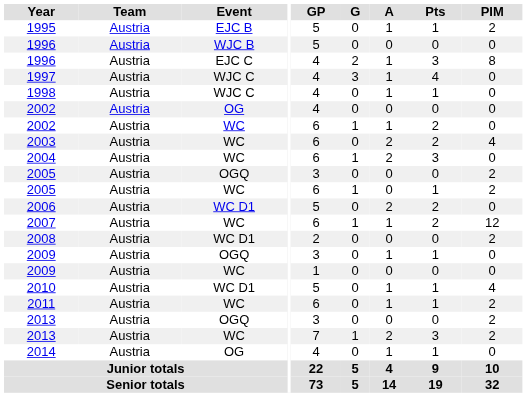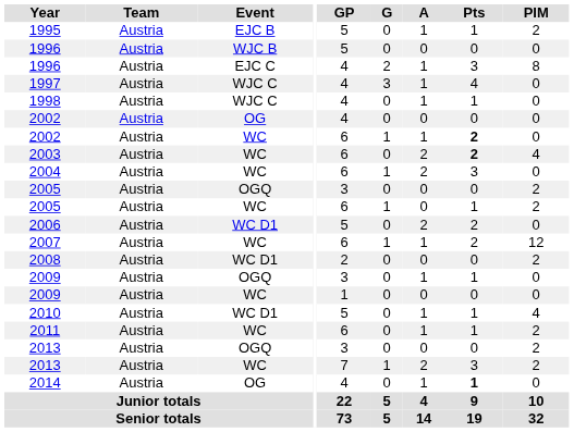 <table border="0" cellpadding="1" cellspacing="0" ID="Table3" style="text-align:center; width:40em">
 <tr ALIGN="center" bgcolor="#e0e0e0">
 <th>Year</th>
 <th>Team</th>
 <th>Event</th>
 <th rowspan="102" bgcolor="#ffffff"></th>
 <th>GP</th>
 <th>G</th>
 <th>A</th>
 <th>Pts</th>
 <th>PIM</th>
 </tr>
 <tr>
 <td><a href='#'>1995</a></td>
 <td><a href='#'>Austria</a></td>
 <td><a href='#'>EJC B</a></td>
 <td>5</td>
 <td>0</td>
 <td>1</td>
 <td>1</td>
 <td>2</td>
 </tr>
 <tr bgcolor="#f0f0f0">
 <td><a href='#'>1996</a></td>
 <td><a href='#'>Austria</a></td>
 <td><a href='#'>WJC B</a></td>
 <td>5</td>
 <td>0</td>
 <td>0</td>
 <td>0</td>
 <td>0</td>
 </tr>
 <tr>
 <td><a href='#'>1996</a></td>
 <td>Austria</td>
 <td>EJC C</td>
 <td>4</td>
 <td>2</td>
 <td>1</td>
 <td>3</td>
 <td>8</td>
 </tr>
 <tr bgcolor="#f0f0f0">
 <td><a href='#'>1997</a></td>
 <td>Austria</td>
 <td>WJC C</td>
 <td>4</td>
 <td>3</td>
 <td>1</td>
 <td>4</td>
 <td>0</td>
 </tr>
 <tr>
 <td><a href='#'>1998</a></td>
 <td>Austria</td>
 <td>WJC C</td>
 <td>4</td>
 <td>0</td>
 <td>1</td>
 <td>1</td>
 <td>0</td>
 </tr>
 <tr bgcolor="#f0f0f0">
 <td><a href='#'>2002</a></td>
 <td><a href='#'>Austria</a></td>
 <td><a href='#'>OG</a></td>
 <td>4</td>
 <td>0</td>
 <td>0</td>
 <td>0</td>
 <td>0</td>
 </tr>
 <tr>
 <td><a href='#'>2002</a></td>
 <td>Austria</td>
 <td><a href='#'>WC</a></td>
 <td>6</td>
 <td>1</td>
 <td>1</td>
-<td>2</td>
+<td><strong>2</strong></td>
 <td>0</td>
 </tr>
 <tr bgcolor="#f0f0f0">
 <td><a href='#'>2003</a></td>
 <td>Austria</td>
 <td>WC</td>
 <td>6</td>
 <td>0</td>
 <td>2</td>
-<td>2</td>
+<td><strong>2</strong></td>
 <td>4</td>
 </tr>
 <tr>
 <td><a href='#'>2004</a></td>
 <td>Austria</td>
 <td>WC</td>
 <td>6</td>
 <td>1</td>
 <td>2</td>
 <td>3</td>
 <td>0</td>
 </tr>
 <tr bgcolor="#f0f0f0">
 <td><a href='#'>2005</a></td>
 <td>Austria</td>
 <td>OGQ</td>
 <td>3</td>
 <td>0</td>
 <td>0</td>
 <td>0</td>
 <td>2</td>
 </tr>
 <tr>
 <td><a href='#'>2005</a></td>
 <td>Austria</td>
 <td>WC</td>
 <td>6</td>
 <td>1</td>
 <td>0</td>
 <td>1</td>
 <td>2</td>
 </tr>
 <tr bgcolor="#f0f0f0">
 <td><a href='#'>2006</a></td>
 <td>Austria</td>
 <td><a href='#'>WC D1</a></td>
 <td>5</td>
 <td>0</td>
 <td>2</td>
 <td>2</td>
 <td>0</td>
 </tr>
 <tr>
 <td><a href='#'>2007</a></td>
 <td>Austria</td>
 <td>WC</td>
 <td>6</td>
 <td>1</td>
 <td>1</td>
 <td>2</td>
 <td>12</td>
 </tr>
 <tr bgcolor="#f0f0f0">
 <td><a href='#'>2008</a></td>
 <td>Austria</td>
 <td>WC D1</td>
 <td>2</td>
 <td>0</td>
 <td>0</td>
 <td>0</td>
 <td>2</td>
 </tr>
 <tr>
 <td><a href='#'>2009</a></td>
 <td>Austria</td>
 <td>OGQ</td>
 <td>3</td>
 <td>0</td>
 <td>1</td>
 <td>1</td>
 <td>0</td>
 </tr>
 <tr bgcolor="#f0f0f0">
 <td><a href='#'>2009</a></td>
 <td>Austria</td>
 <td>WC</td>
 <td>1</td>
 <td>0</td>
 <td>0</td>
 <td>0</td>
 <td>0</td>
 </tr>
 <tr>
 <td><a href='#'>2010</a></td>
 <td>Austria</td>
 <td>WC D1</td>
 <td>5</td>
 <td>0</td>
 <td>1</td>
 <td>1</td>
 <td>4</td>
 </tr>
 <tr bgcolor="#f0f0f0">
 <td><a href='#'>2011</a></td>
 <td>Austria</td>
 <td>WC</td>
 <td>6</td>
 <td>0</td>
 <td>1</td>
 <td>1</td>
 <td>2</td>
 </tr>
 <tr>
 <td><a href='#'>2013</a></td>
 <td>Austria</td>
 <td>OGQ</td>
 <td>3</td>
 <td>0</td>
 <td>0</td>
 <td>0</td>
 <td>2</td>
 </tr>
 <tr bgcolor="#f0f0f0">
 <td><a href='#'>2013</a></td>
 <td>Austria</td>
 <td>WC</td>
 <td>7</td>
 <td>1</td>
 <td>2</td>
 <td>3</td>
 <td>2</td>
 </tr>
 <tr>
 <td><a href='#'>2014</a></td>
 <td>Austria</td>
 <td>OG</td>
 <td>4</td>
 <td>0</td>
 <td>1</td>
-<td>1</td>
+<td><strong>1</strong></td>
 <td>0</td>
 </tr>
 <tr bgcolor="#e0e0e0">
 <th colspan=3>Junior totals</th>
 <th>22</th>
 <th>5</th>
 <th>4</th>
 <th>9</th>
 <th>10</th>
 </tr>
 <tr bgcolor="#e0e0e0">
 <th colspan=3>Senior totals</th>
 <th>73</th>
 <th>5</th>
 <th>14</th>
 <th>19</th>
 <th>32</th>
 </tr>
 </table>
